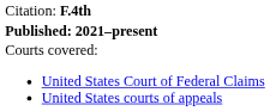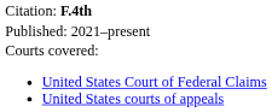 <table border=0>
 <tr>
 <td>Citation: <strong>F.4th</strong></td>
 </tr>
 <tr>
-<td><strong>Published: 2021–present</strong></td>
+<td>Published: 2021–present</td>
 </tr>
 <tr>
 <td>Courts covered:<br><ul><li><a href='#'>United States Court of Federal Claims</a></li><li><a href='#'>United States courts of appeals</a></li></ul></td>
 </tr>
 </table>
